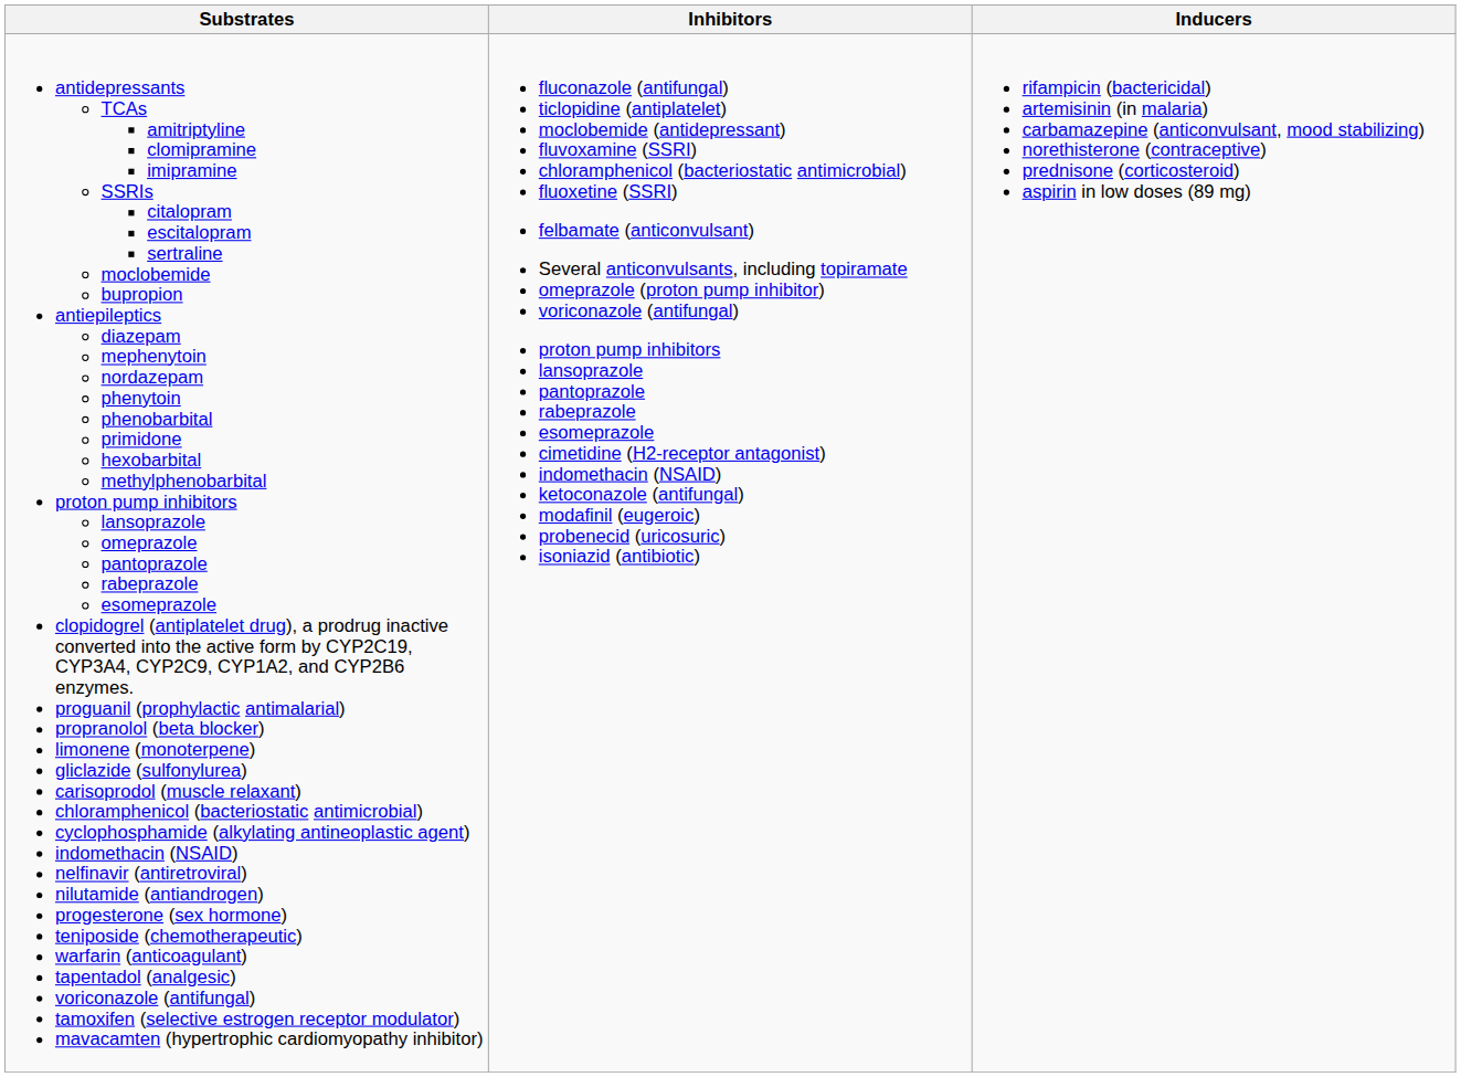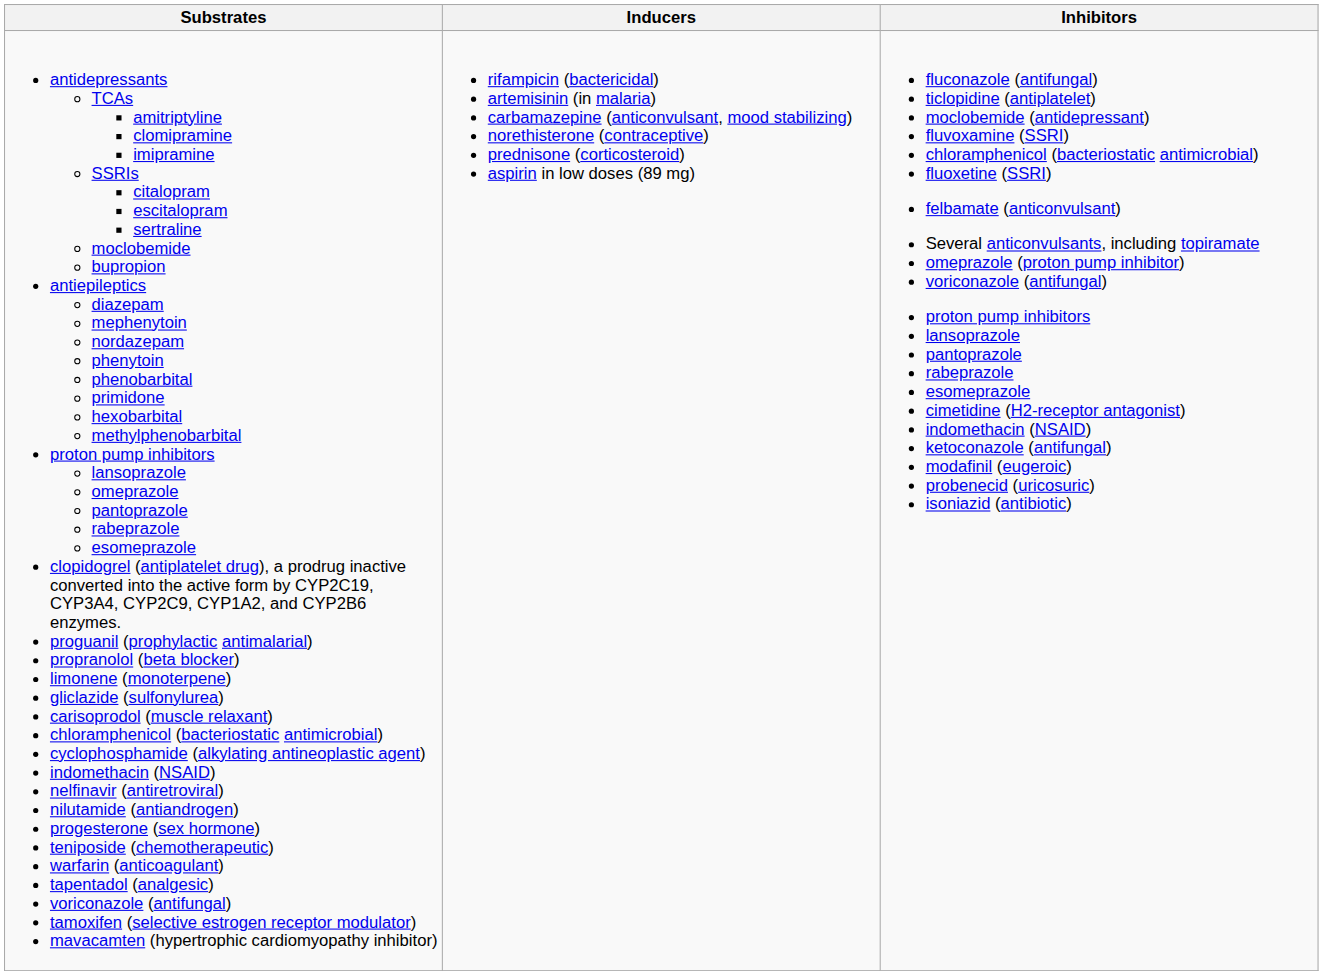 <table class="wikitable" style="width:100%">
 <tr>
 <th style="width:33%">Substrates</th>
+<th style="width:33%">Inducers</th>
 <th style="width:33%">Inhibitors</th>
-<th style="width:33%">Inducers</th>
 </tr>
 <tr style="vertical-align: top;">
 <td style="width:33%"><br><ul><li><a href='#'>antidepressants</a><ul><li><a href='#'>TCAs</a><ul><li><a href='#'>amitriptyline</a></li><li><a href='#'>clomipramine</a></li><li><a href='#'>imipramine</a></li></ul></li><li><a href='#'>SSRIs</a><ul><li><a href='#'>citalopram</a></li><li><a href='#'>escitalopram</a></li><li><a href='#'>sertraline</a></li></ul></li><li><a href='#'>moclobemide</a></li><li><a href='#'>bupropion</a></li></ul></li><li><a href='#'>antiepileptics</a><ul><li><a href='#'>diazepam</a></li><li><a href='#'>mephenytoin</a></li><li><a href='#'>nordazepam</a></li><li><a href='#'>phenytoin</a></li><li><a href='#'>phenobarbital</a></li><li><a href='#'>primidone</a></li><li><a href='#'>hexobarbital</a></li><li><a href='#'>methylphenobarbital</a></li></ul></li><li><a href='#'>proton pump inhibitors</a><ul><li><a href='#'>lansoprazole</a></li><li><a href='#'>omeprazole</a></li><li><a href='#'>pantoprazole</a></li><li><a href='#'>rabeprazole</a></li><li><a href='#'>esomeprazole</a></li></ul></li><li><a href='#'>clopidogrel</a> (<a href='#'>antiplatelet drug</a>), a prodrug inactive  converted into the active form by CYP2C19, CYP3A4, CYP2C9, CYP1A2, and CYP2B6 enzymes.</li><li><a href='#'>proguanil</a> (<a href='#'>prophylactic</a> <a href='#'>antimalarial</a>)</li><li><a href='#'>propranolol</a> (<a href='#'>beta blocker</a>)</li><li><a href='#'>limonene</a> (<a href='#'>monoterpene</a>)</li><li><a href='#'>gliclazide</a> (<a href='#'>sulfonylurea</a>)</li><li><a href='#'>carisoprodol</a> (<a href='#'>muscle relaxant</a>)</li><li><a href='#'>chloramphenicol</a> (<a href='#'>bacteriostatic</a> <a href='#'>antimicrobial</a>)</li><li><a href='#'>cyclophosphamide</a> (<a href='#'>alkylating antineoplastic agent</a>)</li><li><a href='#'>indomethacin</a> (<a href='#'>NSAID</a>)</li><li><a href='#'>nelfinavir</a> (<a href='#'>antiretroviral</a>)</li><li><a href='#'>nilutamide</a> (<a href='#'>antiandrogen</a>)</li><li><a href='#'>progesterone</a> (<a href='#'>sex hormone</a>)</li><li><a href='#'>teniposide</a> (<a href='#'>chemotherapeutic</a>)</li><li><a href='#'>warfarin</a> (<a href='#'>anticoagulant</a>)</li><li><a href='#'>tapentadol</a> (<a href='#'>analgesic</a>)</li><li><a href='#'>voriconazole</a> (<a href='#'>antifungal</a>)</li><li><a href='#'>tamoxifen</a> (<a href='#'>selective estrogen receptor modulator</a>)</li><li><a href='#'>mavacamten</a> (hypertrophic cardiomyopathy inhibitor)</li></ul></td>
+<td style="width:33%"><br><ul><li><a href='#'>rifampicin</a> (<a href='#'>bactericidal</a>)</li><li><a href='#'>artemisinin</a> (in <a href='#'>malaria</a>)</li><li><a href='#'>carbamazepine</a> (<a href='#'>anticonvulsant</a>, <a href='#'>mood stabilizing</a>)</li><li><a href='#'>norethisterone</a> (<a href='#'>contraceptive</a>)</li><li><a href='#'>prednisone</a> (<a href='#'>corticosteroid</a>)</li><li><a href='#'>aspirin</a> in low doses (89 mg)</li></ul></td>
 <td style="width:33%"><br><ul><li><a href='#'>fluconazole</a> (<a href='#'>antifungal</a>)</li><li><a href='#'>ticlopidine</a> (<a href='#'>antiplatelet</a>)</li><li><a href='#'>moclobemide</a> (<a href='#'>antidepressant</a>)</li><li><a href='#'>fluvoxamine</a> (<a href='#'>SSRI</a>)</li><li><a href='#'>chloramphenicol</a> (<a href='#'>bacteriostatic</a> <a href='#'>antimicrobial</a>)</li><li><a href='#'>fluoxetine</a> (<a href='#'>SSRI</a>)</li></ul><ul><li><a href='#'>felbamate</a> (<a href='#'>anticonvulsant</a>)</li></ul><ul><li>Several <a href='#'>anticonvulsants</a>, including <a href='#'>topiramate</a></li><li><a href='#'>omeprazole</a> (<a href='#'>proton pump inhibitor</a>)</li><li><a href='#'>voriconazole</a> (<a href='#'>antifungal</a>)</li></ul><ul><li><a href='#'>proton pump inhibitors</a></li><li><a href='#'>lansoprazole</a></li><li><a href='#'>pantoprazole</a></li><li><a href='#'>rabeprazole</a></li><li><a href='#'>esomeprazole</a></li><li><a href='#'>cimetidine</a> (<a href='#'>H2-receptor antagonist</a>)</li><li><a href='#'>indomethacin</a> (<a href='#'>NSAID</a>)</li><li><a href='#'>ketoconazole</a> (<a href='#'>antifungal</a>)</li><li><a href='#'>modafinil</a> (<a href='#'>eugeroic</a>)</li><li><a href='#'>probenecid</a> (<a href='#'>uricosuric</a>)</li><li><a href='#'>isoniazid</a> (<a href='#'>antibiotic</a>)</li></ul></td>
-<td style="width:33%"><br><ul><li><a href='#'>rifampicin</a> (<a href='#'>bactericidal</a>)</li><li><a href='#'>artemisinin</a> (in <a href='#'>malaria</a>)</li><li><a href='#'>carbamazepine</a> (<a href='#'>anticonvulsant</a>, <a href='#'>mood stabilizing</a>)</li><li><a href='#'>norethisterone</a> (<a href='#'>contraceptive</a>)</li><li><a href='#'>prednisone</a> (<a href='#'>corticosteroid</a>)</li><li><a href='#'>aspirin</a> in low doses (89 mg)</li></ul></td>
 </tr>
 </table>
